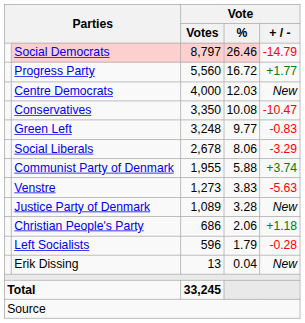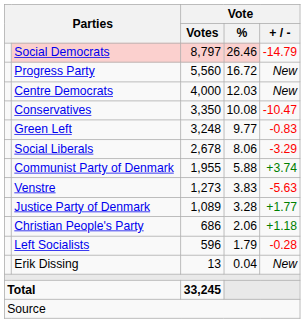 <table class="wikitable" style="text-align:right;">
 <tr>
 <th style="text-align:centre;" rowspan="2" colspan="2" width="225">Parties</th>
 <th colspan="3">Vote</th>
 </tr>
 <tr>
 <th width="15">Votes</th>
 <th width="15">%</th>
 <th width="15">+ / -</th>
 </tr>
 <tr>
 <td width="2" style="color:inherit;background:"></td>
 <td bgcolor=#fbd0ce  align="left"><a href='#'>Social Democrats</a></td>
 <td bgcolor=#fbd0ce>8,797</td>
 <td bgcolor=#fbd0ce>26.46</td>
 <td style=color:red;>-14.79</td>
 </tr>
 <tr>
 <td width="2" style="color:inherit;background:"></td>
 <td align="left"><a href='#'>Progress Party</a></td>
 <td>5,560</td>
 <td>16.72</td>
-<td style=color:green;>+1.77</td>
+<td><em>New</em></td>
 </tr>
 <tr>
 <td width="2" style="color:inherit;background:"></td>
 <td align="left"><a href='#'>Centre Democrats</a></td>
 <td>4,000</td>
 <td>12.03</td>
 <td><em>New</em></td>
 </tr>
 <tr>
 <td width="2" style="color:inherit;background:"></td>
 <td align="left"><a href='#'>Conservatives</a></td>
 <td>3,350</td>
 <td>10.08</td>
 <td style=color:red;>-10.47</td>
 </tr>
 <tr>
 <td width="2" style="color:inherit;background:"></td>
 <td align="left"><a href='#'>Green Left</a></td>
 <td>3,248</td>
 <td>9.77</td>
 <td style=color:red;>-0.83</td>
 </tr>
 <tr>
 <td width="2" style="color:inherit;background:"></td>
 <td align="left"><a href='#'>Social Liberals</a></td>
 <td>2,678</td>
 <td>8.06</td>
 <td style=color:red;>-3.29</td>
 </tr>
 <tr>
 <td width="2" style="color:inherit;background:"></td>
 <td align="left"><a href='#'>Communist Party of Denmark</a></td>
 <td>1,955</td>
 <td>5.88</td>
 <td style=color:green;>+3.74</td>
 </tr>
 <tr>
 <td width="2" style="color:inherit;background:"></td>
 <td align="left"><a href='#'>Venstre</a></td>
 <td>1,273</td>
 <td>3.83</td>
 <td style=color:red;>-5.63</td>
 </tr>
 <tr>
 <td width="2" style="color:inherit;background:"></td>
 <td align="left"><a href='#'>Justice Party of Denmark</a></td>
 <td>1,089</td>
 <td>3.28</td>
-<td><em>New</em></td>
+<td style=color:green;>+1.77</td>
 </tr>
 <tr>
 <td width="2" style="color:inherit;background:"></td>
 <td align="left"><a href='#'>Christian People's Party</a></td>
 <td>686</td>
 <td>2.06</td>
 <td style=color:green;>+1.18</td>
 </tr>
 <tr>
 <td width="2" style="color:inherit;background:"></td>
 <td align="left"><a href='#'>Left Socialists</a></td>
 <td>596</td>
 <td>1.79</td>
 <td style=color:red;>-0.28</td>
 </tr>
 <tr>
 <td width="2" style="color:inherit;background:"></td>
 <td align="left">Erik Dissing</td>
 <td>13</td>
 <td>0.04</td>
 <td><em>New</em></td>
 </tr>
 <tr>
 <td colspan="7" bgcolor="#E9E9E9"></td>
 </tr>
 <tr>
 <td align="left" colspan="2"><strong>Total</strong></td>
 <td><strong>33,245</strong></td>
 <td bgcolor="#E9E9E9" colspan="2"></td>
 </tr>
 <tr>
 <td align="left" colspan="6">Source</td>
 </tr>
 </table>
